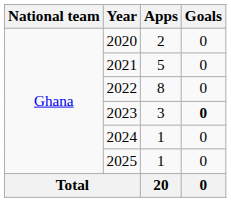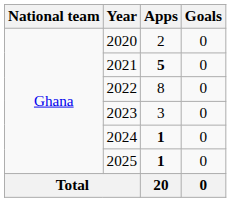 <table class=wikitable style=text-align:center>
 <tr>
 <th>National team</th>
 <th>Year</th>
 <th>Apps</th>
 <th>Goals</th>
 </tr>
 <tr>
 <td rowspan=6><a href='#'>Ghana</a></td>
 <td>2020</td>
 <td>2</td>
 <td>0</td>
 </tr>
 <tr>
 <td>2021</td>
-<td>5</td>
+<td><strong>5</strong></td>
 <td>0</td>
 </tr>
 <tr>
 <td>2022</td>
 <td>8</td>
 <td>0</td>
 </tr>
 <tr>
 <td>2023</td>
 <td>3</td>
-<td><strong>0</strong></td>
+<td>0</td>
 </tr>
 <tr>
 <td>2024</td>
-<td>1</td>
+<td><strong>1</strong></td>
 <td>0</td>
 </tr>
 <tr>
 <td>2025</td>
-<td>1</td>
+<td><strong>1</strong></td>
 <td>0</td>
 </tr>
 <tr>
 <th colspan=2>Total</th>
 <th>20</th>
 <th>0</th>
 </tr>
 </table>
